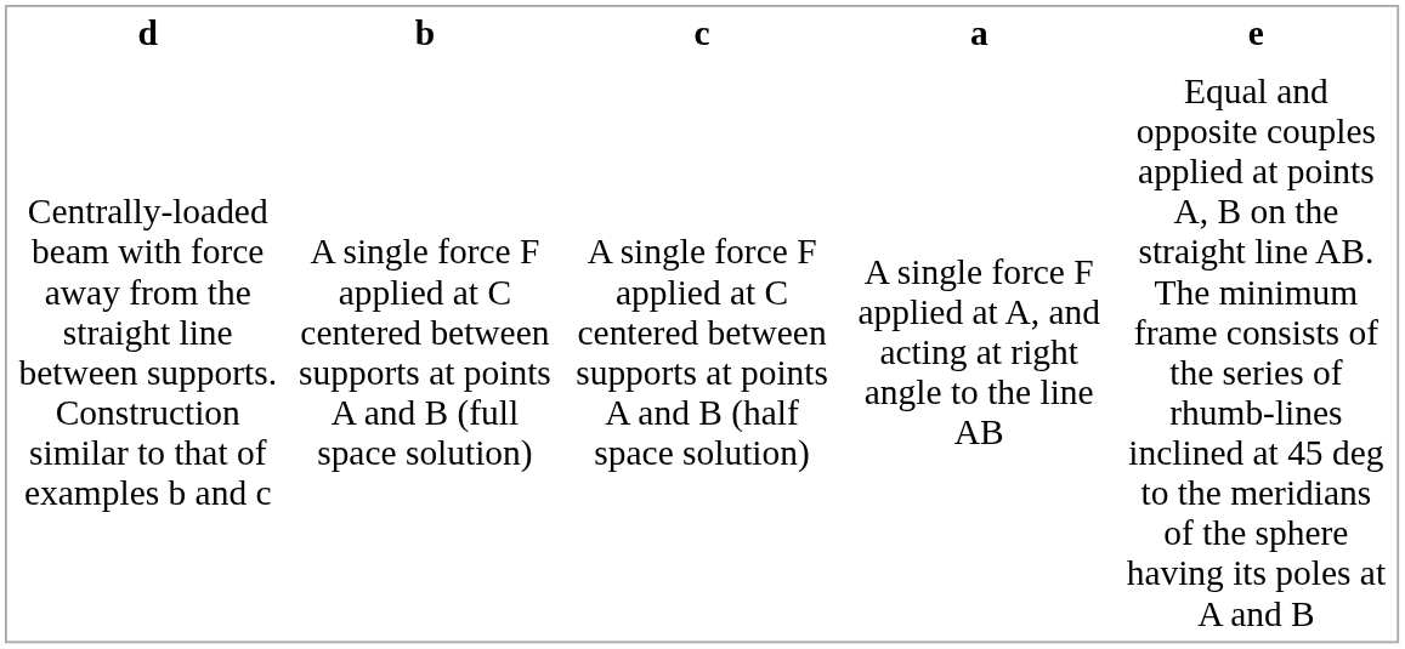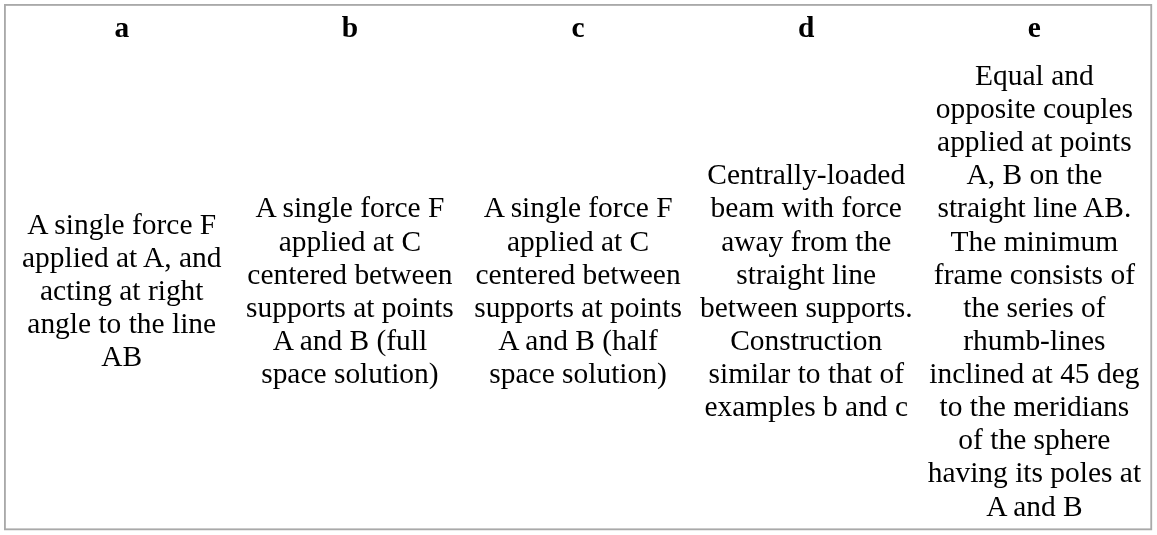 <table style="border-spacing: 2px; border: 1px solid darkgray;">
 <tr>
-<th style="width: 120px;">d</th>
+<th style="width: 120px;">a</th>
 <th style="width: 120px;">b</th>
 <th style="width: 120px;">c</th>
-<th style="width: 120px;">a</th>
+<th style="width: 120px;">d</th>
 <th style="width: 120px;">e</th>
 </tr>
 <tr style="text-align: center;">
 <td></td>
 <td></td>
 <td></td>
 <td></td>
 <td></td>
 </tr>
 <tr style="text-align: center;">
-<td>Centrally-loaded beam with force away from the straight line between supports. Construction similar to that of examples b and c</td>
+<td>A single force F applied at A, and acting at right angle to the line AB</td>
 <td>A single force F applied at C centered between supports at points A and B (full space solution)</td>
 <td>A single force F applied at C centered between supports at points A and B (half space solution)</td>
-<td>A single force F applied at A, and acting at right angle to the line AB</td>
+<td>Centrally-loaded beam with force away from the straight line between supports. Construction similar to that of examples b and c</td>
 <td>Equal and opposite couples applied at points A, B on the straight line AB. The minimum frame consists of the series of rhumb-lines inclined at 45 deg to the meridians of the sphere having its poles at A and B</td>
 </tr>
 </table>
